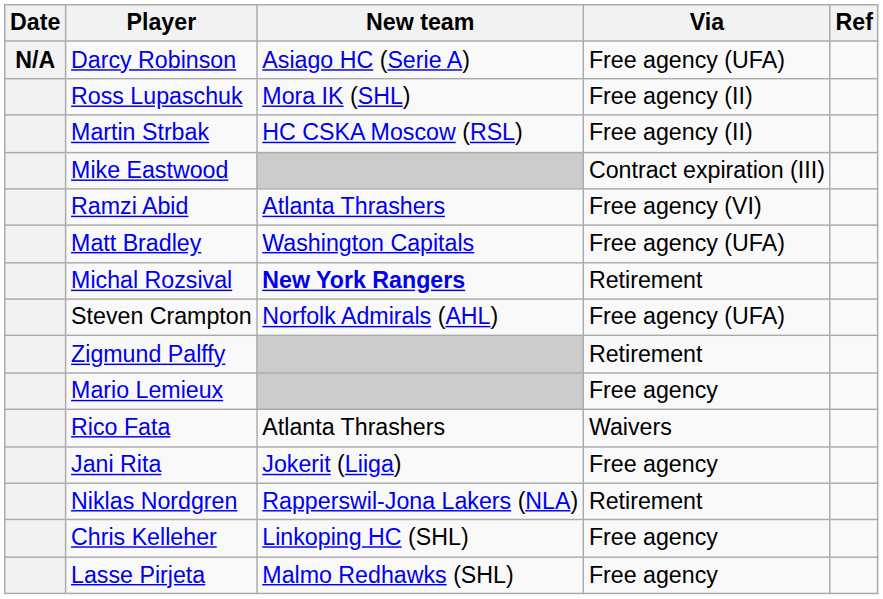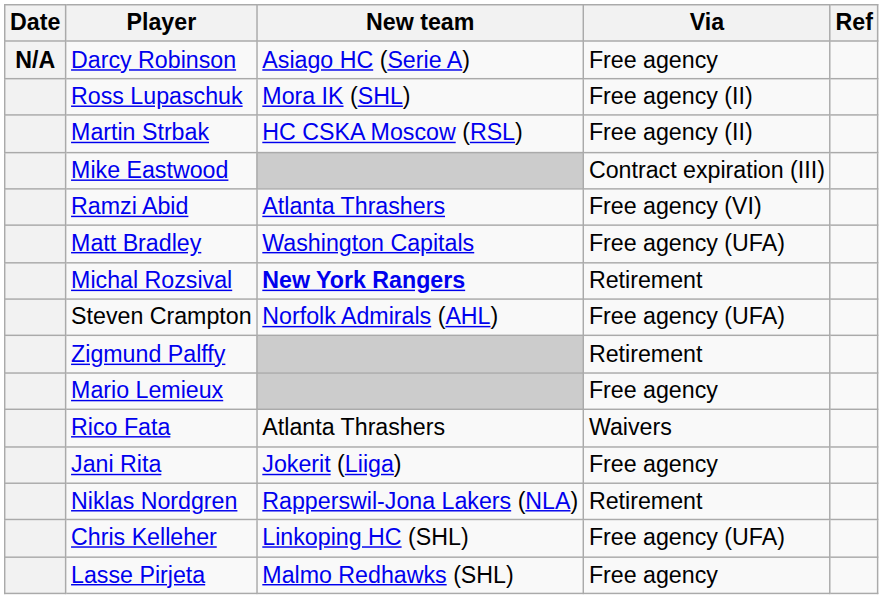 <table class="wikitable plainrowheaders">
 <tr style="background:#ddd; text-align:center;">
 <th>Date</th>
 <th>Player</th>
 <th>New team</th>
 <th>Via</th>
 <th>Ref</th>
 </tr>
 <tr>
 <th scope="row">N/A</th>
 <td><a href='#'>Darcy Robinson</a></td>
 <td><a href='#'>Asiago HC</a> (<a href='#'>Serie A</a>)</td>
-<td>Free agency (UFA)</td>
+<td>Free agency</td>
 <td></td>
 </tr>
 <tr>
 <th scope="row"></th>
 <td><a href='#'>Ross Lupaschuk</a></td>
 <td><a href='#'>Mora IK</a> (<a href='#'>SHL</a>)</td>
 <td>Free agency (II)</td>
 <td></td>
 </tr>
 <tr>
 <th scope="row"></th>
 <td><a href='#'>Martin Strbak</a></td>
 <td><a href='#'>HC CSKA Moscow</a> (<a href='#'>RSL</a>)</td>
 <td>Free agency (II)</td>
 <td></td>
 </tr>
 <tr>
 <th scope="row"></th>
 <td><a href='#'>Mike Eastwood</a></td>
 <td style="background:#ccc"></td>
 <td>Contract expiration (III)</td>
 <td></td>
 </tr>
 <tr>
 <th scope="row"></th>
 <td><a href='#'>Ramzi Abid</a></td>
 <td><a href='#'>Atlanta Thrashers</a></td>
 <td>Free agency (VI)</td>
 <td></td>
 </tr>
 <tr>
 <th scope="row"></th>
 <td><a href='#'>Matt Bradley</a></td>
 <td><a href='#'>Washington Capitals</a></td>
 <td>Free agency (UFA)</td>
 <td></td>
 </tr>
 <tr>
 <th scope="row"></th>
 <td><a href='#'>Michal Rozsival</a></td>
 <td><strong><a href='#'>New York Rangers</a></strong></td>
 <td>Retirement</td>
 <td></td>
 </tr>
 <tr>
 <th scope="row"></th>
 <td>Steven Crampton</td>
 <td><a href='#'>Norfolk Admirals</a> (<a href='#'>AHL</a>)</td>
 <td>Free agency (UFA)</td>
 <td></td>
 </tr>
 <tr>
 <th scope="row"></th>
 <td><a href='#'>Zigmund Palffy</a></td>
 <td style="background:#ccc"></td>
 <td>Retirement</td>
 <td></td>
 </tr>
 <tr>
 <th scope="row"></th>
 <td><a href='#'>Mario Lemieux</a></td>
 <td style="background:#ccc"></td>
 <td>Free agency</td>
 <td></td>
 </tr>
 <tr>
 <th scope="row"></th>
 <td><a href='#'>Rico Fata</a></td>
 <td>Atlanta Thrashers</td>
 <td>Waivers</td>
 <td></td>
 </tr>
 <tr>
 <th scope="row"></th>
 <td><a href='#'>Jani Rita</a></td>
 <td><a href='#'>Jokerit</a> (<a href='#'>Liiga</a>)</td>
 <td>Free agency</td>
 <td></td>
 </tr>
 <tr>
 <th scope="row"></th>
 <td><a href='#'>Niklas Nordgren</a></td>
 <td><a href='#'>Rapperswil-Jona Lakers</a> (<a href='#'>NLA</a>)</td>
 <td>Retirement</td>
 <td></td>
 </tr>
 <tr>
 <th scope="row"></th>
 <td><a href='#'>Chris Kelleher</a></td>
 <td><a href='#'>Linkoping HC</a> (SHL)</td>
-<td>Free agency</td>
+<td>Free agency (UFA)</td>
 <td></td>
 </tr>
 <tr>
 <th scope="row"></th>
 <td><a href='#'>Lasse Pirjeta</a></td>
 <td><a href='#'>Malmo Redhawks</a> (SHL)</td>
 <td>Free agency</td>
 <td></td>
 </tr>
 </table>
